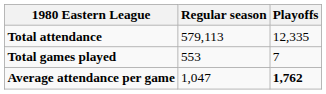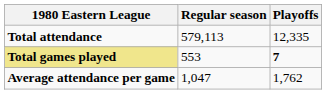 <table class="wikitable" border="1">
 <tr>
 <th>1980 Eastern League</th>
 <th>Regular season</th>
 <th>Playoffs</th>
 </tr>
 <tr>
 <td><strong>Total attendance</strong></td>
 <td>579,113</td>
 <td>12,335</td>
 </tr>
 <tr>
-<td><strong>Total games played</strong></td>
+<td style="background: khaki;"><strong>Total games played</strong></td>
 <td>553</td>
-<td>7</td>
+<td><strong>7</strong></td>
 </tr>
 <tr>
 <td><strong>Average attendance per game</strong></td>
 <td>1,047</td>
-<td><strong>1,762</strong></td>
+<td>1,762</td>
 </tr>
 </table>
